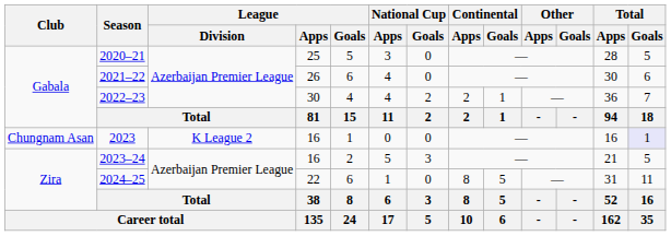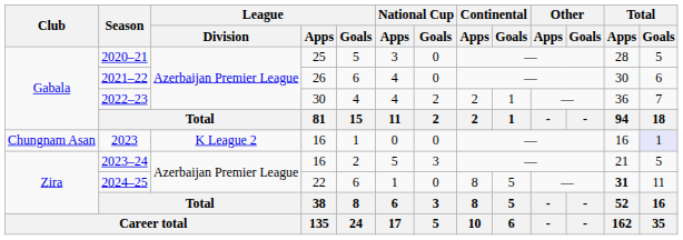 <table class="wikitable" style="text-align:center">
 <tr>
 <th rowspan="2">Club</th>
 <th rowspan="2">Season</th>
 <th colspan="3">League</th>
 <th colspan="2">National Cup</th>
 <th colspan="2">Continental</th>
 <th colspan="2">Other</th>
 <th colspan="2">Total</th>
 </tr>
 <tr>
 <th>Division</th>
 <th>Apps</th>
 <th>Goals</th>
 <th>Apps</th>
 <th>Goals</th>
 <th>Apps</th>
 <th>Goals</th>
 <th>Apps</th>
 <th>Goals</th>
 <th>Apps</th>
 <th>Goals</th>
 </tr>
 <tr>
 <td rowspan="4"><a href='#'>Gabala</a></td>
 <td><a href='#'>2020–21</a></td>
 <td rowspan="3"><a href='#'>Azerbaijan Premier League</a></td>
 <td>25</td>
 <td>5</td>
 <td>3</td>
 <td>0</td>
 <td colspan="4">—</td>
 <td>28</td>
 <td>5</td>
 </tr>
 <tr>
 <td><a href='#'>2021–22</a></td>
 <td>26</td>
 <td>6</td>
 <td>4</td>
 <td>0</td>
 <td colspan="4">—</td>
 <td>30</td>
 <td>6</td>
 </tr>
 <tr>
 <td><a href='#'>2022–23</a></td>
 <td>30</td>
 <td>4</td>
 <td>4</td>
 <td>2</td>
 <td>2</td>
 <td>1</td>
 <td colspan="2">—</td>
 <td>36</td>
 <td>7</td>
 </tr>
 <tr>
 <th colspan="2">Total</th>
 <th>81</th>
 <th>15</th>
 <th>11</th>
 <th>2</th>
 <th>2</th>
 <th>1</th>
 <th>-</th>
 <th>-</th>
 <th>94</th>
 <th>18</th>
 </tr>
 <tr>
 <td><a href='#'>Chungnam Asan</a></td>
 <td><a href='#'>2023</a></td>
 <td><a href='#'>K League 2</a></td>
 <td>16</td>
 <td>1</td>
 <td>0</td>
 <td>0</td>
 <td colspan="4">—</td>
 <td>16</td>
 <td style="background: lavender;">1</td>
 </tr>
 <tr>
 <td rowspan="3"><a href='#'>Zira</a></td>
 <td><a href='#'>2023–24</a></td>
 <td rowspan="2">Azerbaijan Premier League</td>
 <td>16</td>
 <td>2</td>
 <td>5</td>
 <td>3</td>
 <td colspan="4">—</td>
 <td>21</td>
 <td>5</td>
 </tr>
 <tr>
 <td><a href='#'>2024–25</a></td>
 <td>22</td>
 <td>6</td>
 <td>1</td>
 <td>0</td>
 <td>8</td>
 <td>5</td>
 <td colspan="2">—</td>
-<td>31</td>
+<td><strong>31</strong></td>
 <td>11</td>
 </tr>
 <tr>
 <th colspan="2">Total</th>
 <th>38</th>
 <th>8</th>
 <th>6</th>
 <th>3</th>
 <th>8</th>
 <th>5</th>
 <th>-</th>
 <th>-</th>
 <th>52</th>
 <th>16</th>
 </tr>
 <tr>
 <th colspan="3">Career total</th>
 <th>135</th>
 <th>24</th>
 <th>17</th>
 <th>5</th>
 <th>10</th>
 <th>6</th>
 <th>-</th>
 <th>-</th>
 <th>162</th>
 <th>35</th>
 </tr>
 </table>
